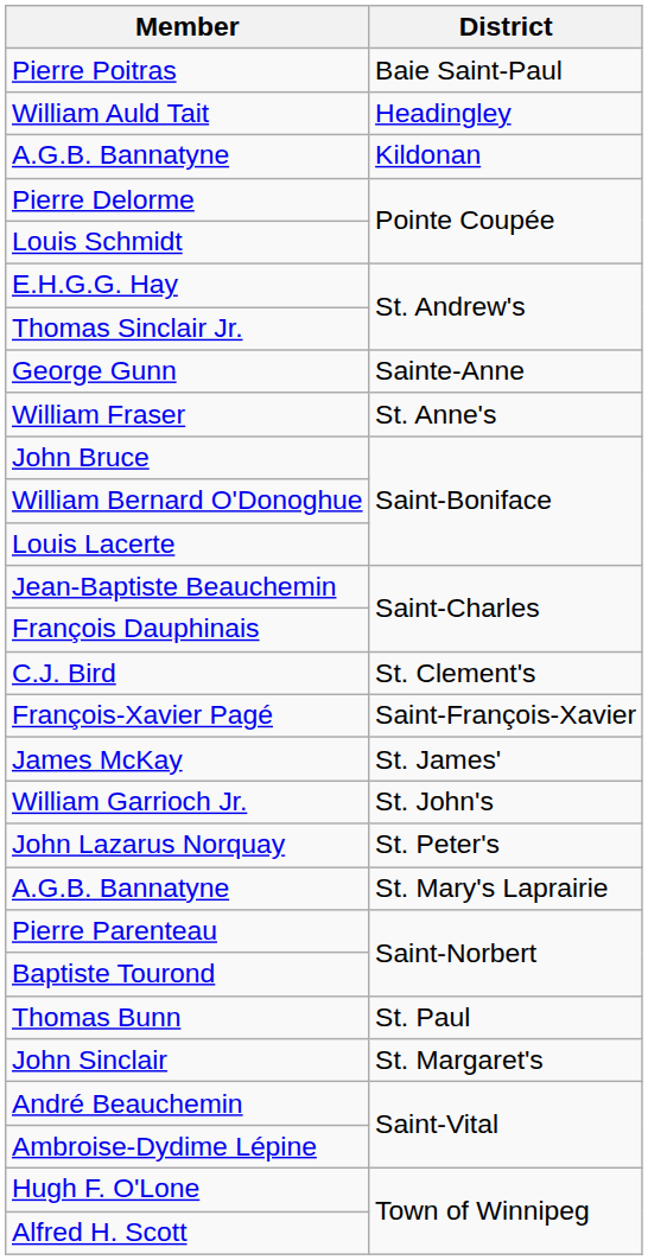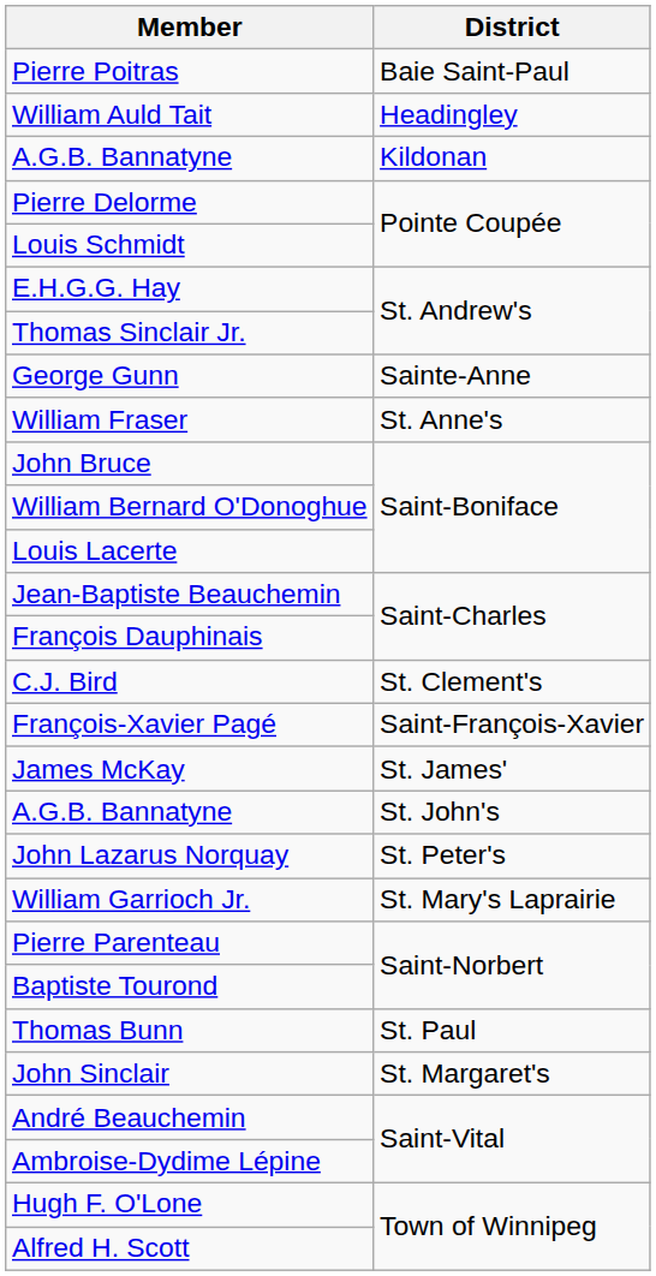 <table class="wikitable sortable">
 <tr>
 <th>Member</th>
 <th>District</th>
 </tr>
 <tr>
 <td><a href='#'>Pierre Poitras</a></td>
 <td>Baie Saint-Paul</td>
 </tr>
 <tr>
 <td><a href='#'>William Auld Tait</a></td>
 <td><a href='#'>Headingley</a></td>
 </tr>
 <tr>
 <td><a href='#'>A.G.B. Bannatyne</a></td>
 <td><a href='#'>Kildonan</a></td>
 </tr>
 <tr>
 <td><a href='#'>Pierre Delorme</a></td>
 <td rowspan=2>Pointe Coupée</td>
 </tr>
 <tr>
 <td><a href='#'>Louis Schmidt</a></td>
 </tr>
 <tr>
 <td><a href='#'>E.H.G.G. Hay</a></td>
 <td rowspan=2>St. Andrew's</td>
 </tr>
 <tr>
 <td><a href='#'>Thomas Sinclair Jr.</a></td>
 </tr>
 <tr>
 <td><a href='#'>George Gunn</a></td>
 <td>Sainte-Anne</td>
 </tr>
 <tr>
 <td><a href='#'>William Fraser</a></td>
 <td>St. Anne's</td>
 </tr>
 <tr>
 <td><a href='#'>John Bruce</a></td>
 <td rowspan=3>Saint-Boniface</td>
 </tr>
 <tr>
 <td><a href='#'>William Bernard O'Donoghue</a></td>
 </tr>
 <tr>
 <td><a href='#'>Louis Lacerte</a></td>
 </tr>
 <tr>
 <td><a href='#'>Jean-Baptiste Beauchemin</a></td>
 <td rowspan=2>Saint-Charles</td>
 </tr>
 <tr>
 <td><a href='#'>François Dauphinais</a></td>
 </tr>
 <tr>
 <td><a href='#'>C.J. Bird</a></td>
 <td>St. Clement's</td>
 </tr>
 <tr>
 <td><a href='#'>François-Xavier Pagé</a></td>
 <td>Saint-François-Xavier</td>
 </tr>
 <tr>
 <td><a href='#'>James McKay</a></td>
 <td>St. James'</td>
 </tr>
 <tr>
-<td><a href='#'>William Garrioch Jr.</a></td>
+<td><a href='#'>A.G.B. Bannatyne</a></td>
 <td>St. John's</td>
 </tr>
 <tr>
 <td><a href='#'>John Lazarus Norquay</a></td>
 <td>St. Peter's</td>
 </tr>
 <tr>
-<td><a href='#'>A.G.B. Bannatyne</a></td>
+<td><a href='#'>William Garrioch Jr.</a></td>
 <td>St. Mary's Laprairie</td>
 </tr>
 <tr>
 <td><a href='#'>Pierre Parenteau</a></td>
 <td rowspan=2>Saint-Norbert</td>
 </tr>
 <tr>
 <td><a href='#'>Baptiste Tourond</a></td>
 </tr>
 <tr>
 <td><a href='#'>Thomas Bunn</a></td>
 <td>St. Paul</td>
 </tr>
 <tr>
 <td><a href='#'>John Sinclair</a></td>
 <td>St. Margaret's</td>
 </tr>
 <tr>
 <td><a href='#'>André Beauchemin</a></td>
 <td rowspan=2>Saint-Vital</td>
 </tr>
 <tr>
 <td><a href='#'>Ambroise-Dydime Lépine</a></td>
 </tr>
 <tr>
 <td><a href='#'>Hugh F. O'Lone</a></td>
 <td rowspan=2>Town of Winnipeg</td>
 </tr>
 <tr>
 <td><a href='#'>Alfred H. Scott</a></td>
 </tr>
 </table>
